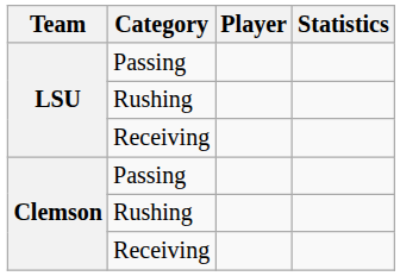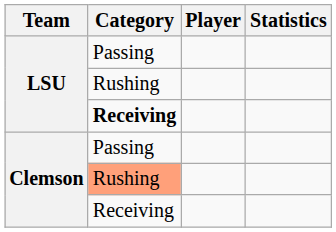 <table class="wikitable" style="float:right">
 <tr>
 <th>Team</th>
 <th>Category</th>
 <th>Player</th>
 <th>Statistics</th>
 </tr>
 <tr>
 <th rowspan=3>LSU</th>
 <td>Passing</td>
 <td></td>
 <td></td>
 </tr>
 <tr>
 <td>Rushing</td>
 <td></td>
 <td></td>
 </tr>
 <tr>
-<td>Receiving</td>
+<td><strong>Receiving</strong></td>
 <td></td>
 <td></td>
 </tr>
 <tr>
 <th rowspan=3>Clemson</th>
 <td>Passing</td>
 <td></td>
 <td></td>
 </tr>
 <tr>
-<td>Rushing</td>
+<td style="background: lightsalmon;">Rushing</td>
 <td></td>
 <td></td>
 </tr>
 <tr>
 <td>Receiving</td>
 <td></td>
 <td></td>
 </tr>
 </table>
